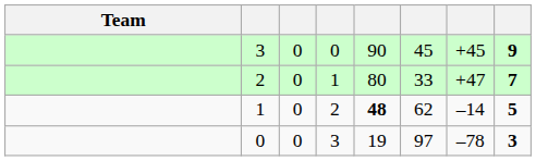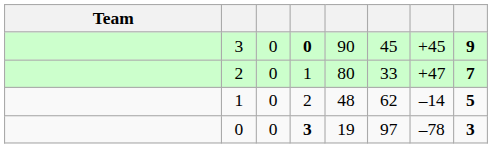 <table class="wikitable" style="text-align:center;">
 <tr>
 <th style="width:12em;">Team</th>
 <th style="width:1.5em;"></th>
 <th style="width:1.5em;"></th>
 <th style="width:1.5em;"></th>
 <th style="width:2.0em;"></th>
 <th style="width:2.0em;"></th>
 <th style="width:2.0em;"></th>
 <th style="width:1.5em;"></th>
 </tr>
 <tr bgcolor=#cfc>
 <td align="left"></td>
 <td>3</td>
 <td>0</td>
-<td>0</td>
+<td><strong>0</strong></td>
 <td>90</td>
 <td>45</td>
 <td>+45</td>
 <td><strong>9</strong></td>
 </tr>
 <tr bgcolor=#cfc>
 <td align="left"></td>
 <td>2</td>
 <td>0</td>
 <td>1</td>
 <td>80</td>
 <td>33</td>
 <td>+47</td>
 <td><strong>7</strong></td>
 </tr>
 <tr>
 <td align="left"></td>
 <td>1</td>
 <td>0</td>
 <td>2</td>
-<td><strong>48</strong></td>
+<td>48</td>
 <td>62</td>
 <td>–14</td>
 <td><strong>5</strong></td>
 </tr>
 <tr>
 <td align="left"></td>
 <td>0</td>
 <td>0</td>
-<td>3</td>
+<td><strong>3</strong></td>
 <td>19</td>
 <td>97</td>
 <td>–78</td>
 <td><strong>3</strong></td>
 </tr>
 </table>
